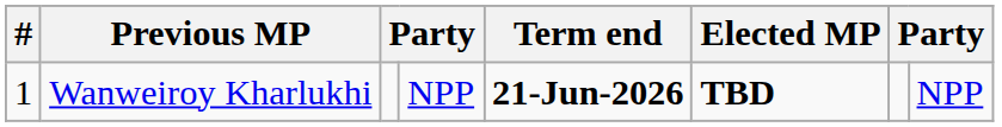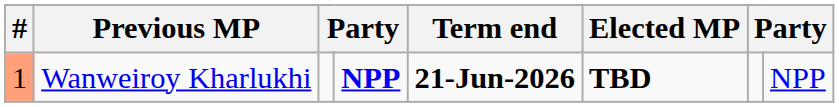 <table class="wikitable sortable">
 <tr>
 <th>#</th>
 <th>Previous MP</th>
 <th colspan="2">Party</th>
 <th>Term end</th>
 <th>Elected MP</th>
 <th colspan="2">Party</th>
 </tr>
 <tr>
-<td>1</td>
+<td style="background: lightsalmon;">1</td>
 <td><a href='#'>Wanweiroy Kharlukhi</a></td>
 <td width="1px"></td>
-<td><a href='#'>NPP</a></td>
+<td><strong><a href='#'>NPP</a></strong></td>
 <td><strong>21-Jun-2026</strong></td>
 <td><strong>TBD</strong></td>
 <td width="1px"></td>
 <td><a href='#'>NPP</a></td>
 </tr>
 </table>
